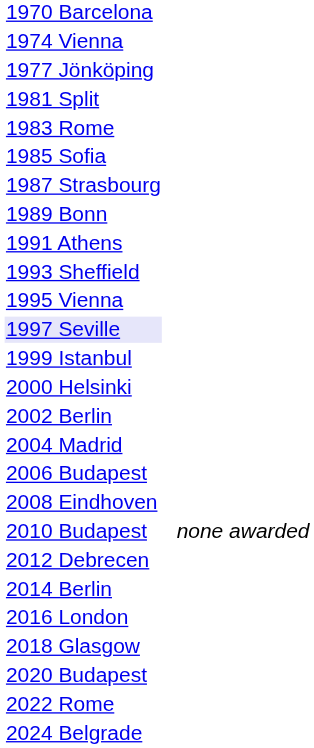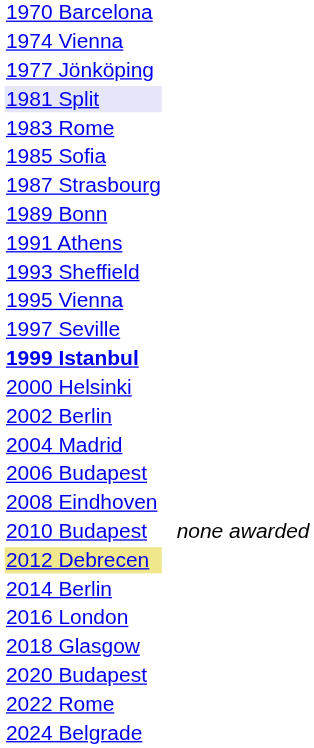 <table>
 <tr>
 <td><a href='#'>1970 Barcelona</a></td>
 <td></td>
 <td></td>
 <td></td>
 </tr>
 <tr>
 <td><a href='#'>1974 Vienna</a></td>
 <td></td>
 <td></td>
 <td></td>
 </tr>
 <tr>
 <td><a href='#'>1977 Jönköping</a></td>
 <td></td>
 <td></td>
 <td></td>
 </tr>
 <tr>
-<td><a href='#'>1981 Split</a></td>
+<td style="background: lavender;"><a href='#'>1981 Split</a></td>
 <td></td>
 <td></td>
 <td></td>
 </tr>
 <tr>
 <td><a href='#'>1983 Rome</a></td>
 <td></td>
 <td></td>
 <td></td>
 </tr>
 <tr>
 <td><a href='#'>1985 Sofia</a></td>
 <td></td>
 <td></td>
 <td></td>
 </tr>
 <tr>
 <td><a href='#'>1987 Strasbourg</a></td>
 <td></td>
 <td></td>
 <td></td>
 </tr>
 <tr>
 <td><a href='#'>1989 Bonn</a></td>
 <td></td>
 <td></td>
 <td></td>
 </tr>
 <tr>
 <td><a href='#'>1991 Athens</a></td>
 <td></td>
 <td></td>
 <td></td>
 </tr>
 <tr>
 <td><a href='#'>1993 Sheffield</a></td>
 <td></td>
 <td></td>
 <td></td>
 </tr>
 <tr>
 <td><a href='#'>1995 Vienna</a></td>
 <td></td>
 <td></td>
 <td></td>
 </tr>
 <tr>
-<td style="background: lavender;"><a href='#'>1997 Seville</a></td>
+<td><a href='#'>1997 Seville</a></td>
 <td></td>
 <td></td>
 <td></td>
 </tr>
 <tr>
-<td><a href='#'>1999 Istanbul</a></td>
+<td><strong><a href='#'>1999 Istanbul</a></strong></td>
 <td></td>
 <td></td>
 <td></td>
 </tr>
 <tr>
 <td><a href='#'>2000 Helsinki</a></td>
 <td></td>
 <td></td>
 <td></td>
 </tr>
 <tr>
 <td><a href='#'>2002 Berlin</a></td>
 <td></td>
 <td></td>
 <td></td>
 </tr>
 <tr>
 <td><a href='#'>2004 Madrid</a></td>
 <td></td>
 <td></td>
 <td></td>
 </tr>
 <tr>
 <td><a href='#'>2006 Budapest</a></td>
 <td></td>
 <td></td>
 <td></td>
 </tr>
 <tr>
 <td><a href='#'>2008 Eindhoven</a></td>
 <td></td>
 <td></td>
 <td></td>
 </tr>
 <tr>
 <td rowspan=2><a href='#'>2010 Budapest</a></td>
 <td rowspan=2></td>
 <td></td>
 <td rowspan=2><em>none awarded</em></td>
 </tr>
 <tr>
 <td></td>
 </tr>
 <tr>
-<td><a href='#'>2012 Debrecen</a></td>
+<td style="background: khaki;"><a href='#'>2012 Debrecen</a></td>
 <td></td>
 <td></td>
 <td></td>
 </tr>
 <tr>
 <td><a href='#'>2014 Berlin</a></td>
 <td></td>
 <td></td>
 <td></td>
 </tr>
 <tr>
 <td><a href='#'>2016 London</a></td>
 <td></td>
 <td></td>
 <td></td>
 </tr>
 <tr>
 <td><a href='#'>2018 Glasgow</a></td>
 <td></td>
 <td></td>
 <td></td>
 </tr>
 <tr>
 <td><a href='#'>2020 Budapest</a></td>
 <td></td>
 <td></td>
 <td></td>
 </tr>
 <tr>
 <td><a href='#'>2022 Rome</a></td>
 <td></td>
 <td></td>
 <td></td>
 </tr>
 <tr>
 <td><a href='#'>2024 Belgrade</a></td>
 <td></td>
 <td></td>
 <td></td>
 </tr>
 </table>
